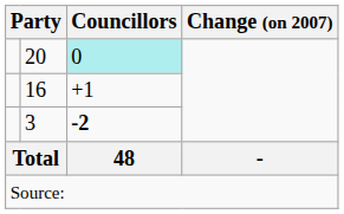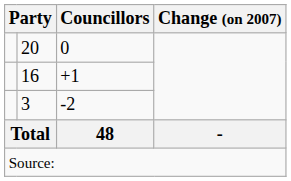 <table class="wikitable sortable">
 <tr>
 <th colspan=2>Party</th>
 <th>Councillors</th>
 <th>Change <small>(on 2007)</small></th>
 </tr>
 <tr>
 <td></td>
 <td>20</td>
-<td style="background: paleturquoise;">0</td>
+<td>0</td>
 </tr>
 <tr>
 <td></td>
 <td>16</td>
 <td>+1</td>
 </tr>
 <tr>
 <td></td>
 <td>3</td>
-<td><strong>-2</strong></td>
+<td>-2</td>
 </tr>
 <tr>
 <th colspan=2>Total</th>
 <th>48</th>
 <th>-</th>
 </tr>
 <tr>
 <td colspan=4><small>Source: </small></td>
 </tr>
 </table>
